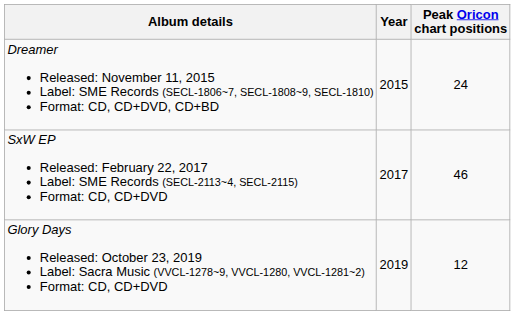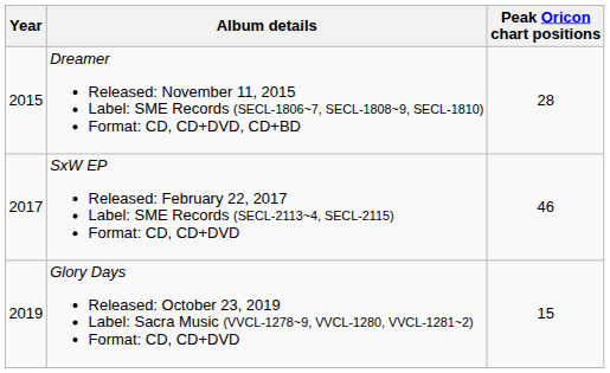 <table class="wikitable">
 <tr>
+<th>Year</th>
 <th>Album details</th>
-<th>Year</th>
 <th colspan="1">Peak <a href='#'>Oricon</a><br> chart positions</th>
 </tr>
 <tr>
+<td>2015</td>
 <td><em>Dreamer</em><br><ul><li>Released: November 11, 2015</li><li>Label: SME Records <small> (SECL-1806~7, SECL-1808~9, SECL-1810)</small></li><li>Format: CD, CD+DVD, CD+BD</li></ul></td>
-<td>2015</td>
-<td align="center">24</td>
+<td align="center">28</td>
 </tr>
 <tr>
+<td>2017</td>
 <td><em>SxW EP</em><br><ul><li>Released: February 22, 2017</li><li>Label: SME Records <small> (SECL-2113~4, SECL-2115)</small></li><li>Format: CD, CD+DVD</li></ul></td>
-<td>2017</td>
 <td align="center">46</td>
 </tr>
 <tr>
+<td>2019</td>
 <td><em>Glory Days</em><br><ul><li>Released: October 23, 2019</li><li>Label: Sacra Music <small> (VVCL-1278~9, VVCL-1280, VVCL-1281~2)</small></li><li>Format: CD, CD+DVD</li></ul></td>
-<td>2019</td>
-<td align="center">12</td>
+<td align="center">15</td>
 </tr>
 </table>
